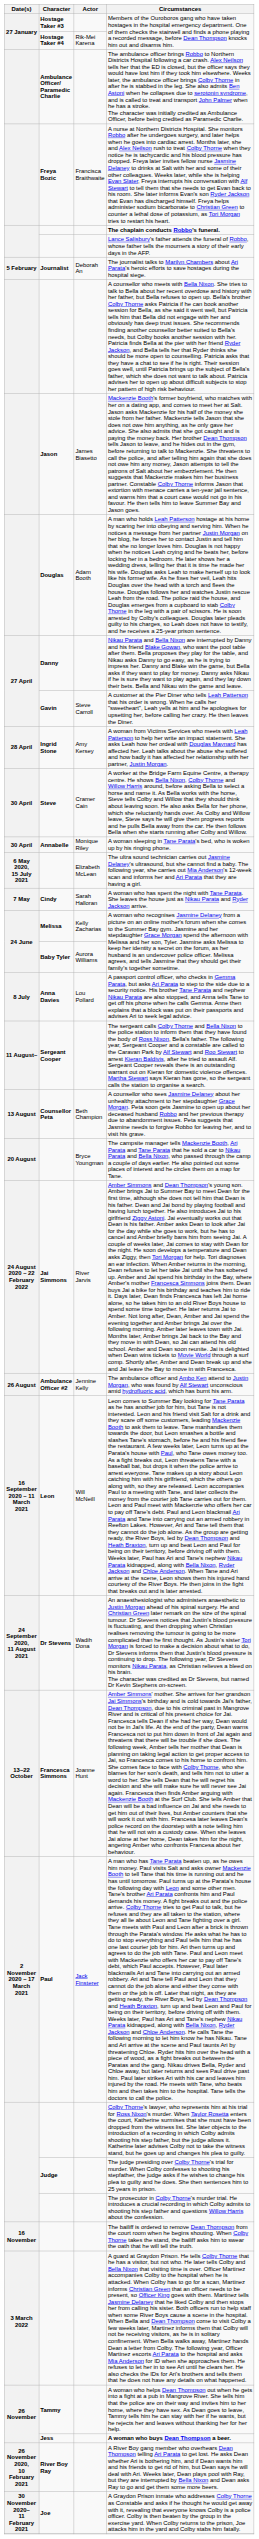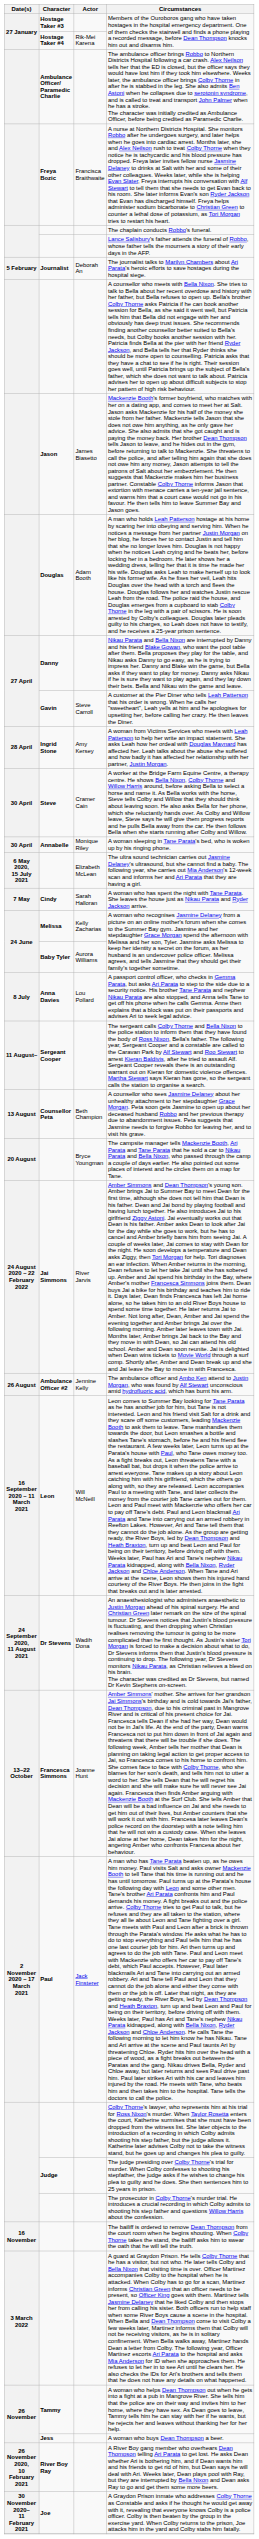 <table class="wikitable plainrowheaders" style="font-size:90%">
 <tr>
 <th scope="col">Date(s)</th>
 <th scope="col">Character</th>
 <th scope="col">Actor</th>
 <th scope="col">Circumstances</th>
 </tr>
 <tr>
 <th scope="row" rowspan="2">27 January</th>
 <td><strong>Hostage Taker #3</strong></td>
 <td></td>
 <td rowspan="2">Members of the Ouroboros gang who have taken hostages in the hospital emergency department. One of them checks the stairwell and finds a phone playing a recorded message, before <a href='#'>Dean Thompson</a> knocks him out and disarms him.</td>
 </tr>
 <tr>
 <td><strong>Hostage Taker #4</strong></td>
 <td>Rik-Mei Karena</td>
 </tr>
 <tr>
 <th scope="row"></th>
 <td><strong>Ambulance Officer/<br>Paramedic Charlie</strong></td>
 <td></td>
 <td>The ambulance officer brings <a href='#'>Robbo</a> to Northern Districts Hospital following a car crash. <a href='#'>Alex Neilson</a> tells her that the ED is closed, but the officer says they would have lost him if they took him elsewhere. Weeks later, the ambulance officer brings <a href='#'>Colby Thorne</a> in after he is stabbed in the leg. She also admits <a href='#'>Ben Astoni</a> when he collapses due to <a href='#'>serotonin syndrome</a>, and is called to treat and transport <a href='#'>John Palmer</a> when he has a stroke.<br>The character was initially credited as Ambulance Officer, before being credited as Paramedic Charlie.</td>
 </tr>
 <tr>
 <th scope="row"></th>
 <td><strong>Freya Bozic</strong></td>
 <td>Francisca Braithwaite</td>
 <td>A nurse at Northern Districts Hospital. She monitors <a href='#'>Robbo</a> after he undergoes surgery, and later helps when he goes into cardiac arrest. Months later, she and <a href='#'>Alex Neilson</a> rush to treat <a href='#'>Colby Thorne</a> when they notice he is tachycardic and his blood pressure has dropped. Freya later invites fellow nurse <a href='#'>Jasmine Delaney</a> to drinks at Salt with her and some of their other colleagues. Weeks later, while she is helping <a href='#'>Evan Slater</a>, Freya interrupts his conversation with <a href='#'>Alf Stewart</a> to tell them that she needs to get Evan back to his room. She later informs Evan's son <a href='#'>Ryder Jackson</a> that Evan has discharged himself. Freya helps  administer sodium bicarbonate to <a href='#'>Christian Green</a> to counter a lethal dose of potassium, as <a href='#'>Tori Morgan</a> tries to restart his heart.</td>
 </tr>
 <tr>
 <th scope="row" rowspan="2"></th>
 <td></td>
 <td></td>
-<td><strong>The chaplain conducts <a href='#'>Robbo</a>'s funeral.</strong></td>
+<td>The chaplain conducts <a href='#'>Robbo</a>'s funeral.</td>
 </tr>
 <tr>
 <td></td>
 <td></td>
 <td><a href='#'>Lance Salisbury</a>'s father attends the funeral of <a href='#'>Robbo</a>, whose father tells the mourners a story of their early days in the AFP.</td>
 </tr>
 <tr>
 <th scope="row">5 February</th>
 <td><strong>Journalist</strong></td>
 <td>Deborah An</td>
 <td>The journalist talks to <a href='#'>Marilyn Chambers</a> about <a href='#'>Ari Parata</a>'s heroic efforts to save hostages during the hospital siege.</td>
 </tr>
 <tr>
 <th scope="row"></th>
 <td></td>
 <td></td>
 <td>A counsellor who meets with <a href='#'>Bella Nixon</a>. She tries to talk to Bella about her recent overdose and history with her father, but Bella refuses to open up. Bella's brother <a href='#'>Colby Thorne</a> asks Patricia if he can book another session for Bella, as she said it went well, but Patricia tells him that Bella did not engage with her and obviously has deep trust issues. She recommends finding another counsellor better suited to Bella's needs, but Colby books another session with her. Patricia finds Bella at the pier with her friend <a href='#'>Ryder Jackson</a>, and Bella tells her that Ryder thinks she should be more open to counselling. Patricia asks that they have a chat to see if he is right. Their session goes well, until Patricia brings up the subject of Bella's father, which she does not want to talk about. Patricia advises her to open up about difficult subjects to stop her pattern of high risk behaviour.</td>
 </tr>
 <tr>
 <th scope="row"></th>
 <td><strong>Jason</strong></td>
 <td>James Biasetto</td>
 <td><a href='#'>Mackenzie Booth</a>'s former boyfriend, who matches with her on a dating app, and comes to meet her at Salt. Jason asks Mackenzie for his half of the money she stole from her father. Mackenzie tells Jason that she does not owe him anything, as he only gave her advice. She also admits that she got caught and is paying the money back. Her brother <a href='#'>Dean Thompson</a> tells Jason to leave, and he hides out in the gym, before returning to talk to Mackenzie. She threatens to call the police, and after telling him again that she does not owe him any money, Jason attempts to tell the patrons of Salt about her embezzlement. He then suggests that Mackenzie makes him her business partner. Constable <a href='#'>Colby Thorne</a> informs Jason that extortion with menace carries a ten-year jail sentence, and warns him that a court case would not go in his favour. He then tells him to leave Summer Bay and Jason goes.</td>
 </tr>
 <tr>
 <th scope="row"></th>
 <td><strong>Douglas</strong></td>
 <td>Adam Booth</td>
 <td>A man who holds <a href='#'>Leah Patterson</a> hostage at his home by scaring her into obeying and serving him. When he notices a message from her partner <a href='#'>Justin Morgan</a> on her blog, he forces her to contact Justin and tell him that she no longer loves him. Douglas is not happy when he notices Leah crying and he beats her, before locking her in a bedroom. He later shows her a wedding dress, telling her that it is time he made her his wife. Douglas asks Leah to make herself up to look like his former wife. As he fixes her veil, Leah hits Douglas over the head with a torch and flees the house. Douglas follows her and watches Justin rescue Leah from the road. The police raid the house, and Douglas emerges from a cupboard to stab <a href='#'>Colby Thorne</a> in the leg with a pair of scissors. He is soon arrested by Colby's colleagues. Douglas later pleads guilty to his charges, so Leah does not have to testify, and he receives a 25-year prison sentence.</td>
 </tr>
 <tr>
 <th scope="row" rowspan="2">27 April</th>
 <td><strong>Danny</strong></td>
 <td></td>
 <td><a href='#'>Nikau Parata</a> and <a href='#'>Bella Nixon</a> are interrupted by Danny and his friend <a href='#'>Blake Gowan</a>, who want the pool table after them. Bella proposes they play for the table, and Nikau asks Danny to go easy, as he is trying to impress her. Danny and Blake win the game, but Bella asks if they want to play for money. Danny asks Nikau if he is sure they want to play again, and they lay down their bets. Bella and Nikau win the game and leave.</td>
 </tr>
 <tr>
 <td><strong>Gavin</strong></td>
 <td>Steve Carroll</td>
 <td>A customer at the Pier Diner who tells <a href='#'>Leah Patterson</a> that his order is wrong. When he calls her "sweetheart", Leah yells at him and he apologises for upsetting her, before calling her crazy. He then leaves the Diner.</td>
 </tr>
 <tr>
 <th scope="row">28 April</th>
 <td><strong>Ingrid Stone</strong></td>
 <td>Amy Kersey</td>
 <td>A woman from Victims Services who meets with <a href='#'>Leah Patterson</a> to help her write an impact statement. She asks Leah how her ordeal with <a href='#'>Douglas Maynard</a> has affected her. Leah talks about the abuse she suffered and how badly it has affected her relationship with her partner, <a href='#'>Justin Morgan</a>.</td>
 </tr>
 <tr>
 <th scope="row">30 April</th>
 <td><strong>Steve</strong></td>
 <td>Cramer Cain</td>
 <td>A worker at the Bridge Farm Equine Centre, a therapy centre. He shows <a href='#'>Bella Nixon</a>, <a href='#'>Colby Thorne</a> and <a href='#'>Willow Harris</a> around, before asking Bella to select a horse and name it. As Bella works with the horse, Steve tells Colby and Willow that they should think about leaving soon. He also asks Bella for her phone, which she reluctantly hands over. As Colby and Willow leave, Steve says he will give them progress reports and he pulls Bella away from the car. He then follows Bella when she starts running after Colby and Willow.</td>
 </tr>
 <tr>
 <th scope="row">30 April</th>
 <td><strong>Annabelle</strong></td>
 <td>Monique Riley</td>
 <td>A woman sleeping in <a href='#'>Tane Parata</a>'s bed, who is woken up by his ringing phone.</td>
 </tr>
 <tr>
 <th scope="row">6 May 2020,<br>15 July 2021</th>
 <td></td>
 <td>Elizabeth McLean</td>
 <td>The ultra sound technician carries out <a href='#'>Jasmine Delaney</a>'s ultrasound, but she cannot find a baby. The following year, she carries out <a href='#'>Mia Anderson</a>'s 12-week scan and informs her and <a href='#'>Ari Parata</a> that they are having a girl.</td>
 </tr>
 <tr>
 <th scope="row">7 May</th>
 <td><strong>Cindy</strong></td>
 <td>Sarah Halloran</td>
 <td>A woman who has spent the night with <a href='#'>Tane Parata</a>. She leaves the house just as <a href='#'>Nikau Parata</a> and <a href='#'>Ryder Jackson</a> arrive.</td>
 </tr>
 <tr>
 <th scope="row" rowspan="2">24 June</th>
 <td><strong>Melissa</strong></td>
 <td>Kelly Zacharias</td>
 <td rowspan="2">A woman who recognises <a href='#'>Jasmine Delaney</a> from a picture on an online mother's forum when she comes to the Summer Bay gym. Jasmine and her stepdaughter <a href='#'>Grace Morgan</a> spend the afternoon with Melissa and her son, Tyler. Jasmine asks Melissa to keep her identity a secret on the forum, as her husband is an undercover police officer. Melissa agrees, and tells Jasmine that they should get their family's together sometime.</td>
 </tr>
 <tr>
 <td><strong>Baby Tyler</strong></td>
 <td>Aurora Williams</td>
 </tr>
 <tr>
 <th scope="row">8 July</th>
 <td><strong>Anna Davies</strong></td>
 <td>Lou Pollard</td>
 <td>A passport control officer, who checks in <a href='#'>Gemma Parata</a>, but asks <a href='#'>Ari Parata</a> to step to the side due to a security notice. His brother <a href='#'>Tane Parata</a> and nephew <a href='#'>Nikau Parata</a> are also stopped, and Anna tells Tane to get off his phone when he calls Gemma. Anne then explains that a block was put on their passports and advises Ari to seek legal advice.</td>
 </tr>
 <tr>
 <th scope="row">11 August–</th>
 <td><strong>Sergeant Cooper</strong></td>
 <td></td>
 <td>The sergeant calls <a href='#'>Colby Thorne</a> and <a href='#'>Bella Nixon</a> to the police station to inform them that they have found the body of <a href='#'>Ross Nixon</a>, Bella's father. The following year, Sergeant Cooper and a constable are called to the Caravan Park by <a href='#'>Alf Stewart</a> and <a href='#'>Roo Stewart</a> to arrest <a href='#'>Kieran Baldivis</a>, after he tried to assault Alf. Sergeant Cooper reveals there is an outstanding warrant out on Kieran for domestic violence offences. <a href='#'>Martha Stewart</a> says Kieran has gone, so the sergeant calls the station to organise a search.</td>
 </tr>
 <tr>
 <th scope="row">13 August</th>
 <td><strong>Counsellor Peta</strong></td>
 <td>Beth Champion</td>
 <td>A counsellor who sees <a href='#'>Jasmine Delaney</a> about her unhealthy attachment to her stepdaughter <a href='#'>Grace Morgan</a>. Peta soon gets Jasmine to open up about her deceased husband <a href='#'>Robbo</a> and her previous therapy due to abandonment issues. Peta suggests that Jasmine needs to forgive Robbo for leaving her, and to visit his grave.</td>
 </tr>
 <tr>
 <th scope="row">20 August</th>
 <td></td>
 <td>Bryce Youngman</td>
 <td>The campsite manager tells <a href='#'>Mackenzie Booth</a>, <a href='#'>Ari Parata</a> and <a href='#'>Tane Parata</a> that he sold a car to <a href='#'>Nikau Parata</a> and <a href='#'>Bella Nixon</a>, who passed through the camp a couple of days earlier. He also pointed out some places of interest and he circles them on a map for Tane.</td>
 </tr>
 <tr>
 <th scope="row">24 August 2020 – 22 February 2022</th>
 <td><strong>Jai Simmons</strong></td>
 <td>River Jarvis</td>
 <td><a href='#'>Amber Simmons</a> and <a href='#'>Dean Thompson</a>'s young son. Amber brings Jai to Summer Bay to meet Dean for the first time, although she does not tell him that Dean is his father. Dean and Jai bond by playing football and having lunch together. He also introduces Jai to his girlfriend <a href='#'>Ziggy Astoni</a>. Jai eventually works out that Dean is his father. Amber asks Dean to look after Jai for the day while she goes to work, but he has to cancel and Amber briefly bans him from seeing Jai. A couple of weeks later, Jai comes to stay with Dean for the night. He soon develops a temperature and Dean asks Ziggy, then <a href='#'>Tori Morgan</a> for help. Tori diagnoses an ear infection. When Amber returns in the morning, Dean refuses to let her take Jai until she has sobered up. Amber and Jai spend his birthday in the Bay, where Amber's mother <a href='#'>Francesca Simmons</a> joins them. Dean buys Jai a bike for his birthday and teaches him to ride it. Days later, Dean finds Francesca has left Jai home alone, so he takes him to an old River Boys house to spend some time together. He later returns Jai to Amber. Not long after, Dean, Amber and Jai spend the evening together and Amber brings Jai over the following morning. Amber later leaves town with Jai. Months later, Amber brings Jai back to the Bay and they move in with Dean, so Jai can attend his old school. Amber and Dean soon reunite. Jai is delighted when Dean wins tickets to <a href='#'>Movie World</a> through a surf comp. Shortly after, Amber and Dean break up and she and Jai leave the Bay to move in with Francesca.</td>
 </tr>
 <tr>
 <th scope="row">26 August</th>
 <td><strong>Ambulance Officer #2</strong></td>
 <td>Jennine Kelly</td>
 <td>The ambulance officer and <a href='#'>Ambo Ken</a> attend to <a href='#'>Justin Morgan</a>, who was found by <a href='#'>Alf Stewart</a> unconscious amid <a href='#'>hydrofluoric acid</a>, which has burnt his arm.</td>
 </tr>
 <tr>
 <th scope="row">16 September 2020 – 11 March 2021</th>
 <td><strong>Leon</strong></td>
 <td>Will McNeill</td>
 <td>Leon comes to Summer Bay looking for <a href='#'>Tane Parata</a> as he has another job for him, but Tane is not interested. Leon and his friend visit Salt for a drink and they scare off some customers, leading <a href='#'>Mackenzie Booth</a> to ask them to leave. Tane manhandles them towards the door, but Leon smashes a bottle and slashes Tane's stomach, before he and his friend flee the restaurant. A few weeks later, Leon turns up at the Parata's house with <a href='#'>Paul</a>, who Tane owes money too. As a fight breaks out, Leon threatens Tane with a baseball bat, but drops it when the police arrive to arrest everyone. Tane makes up a story about Leon catching him with his girlfriend, which the others go along with, so they are released. Leon accompanies Paul to a meeting with Tane, and later collects the money from the courier job Tane carries out for them. Leon and Paul meet with Mackenzie who offers her car to pay off Tane's debt. Paul and Leon blackmail <a href='#'>Ari Parata</a> and Tane into carrying out an armed robbery in Reefton Lakes. However, Ari and Tane tell them that they cannot do the job alone. As the group are getting ready, the River Boys, led by <a href='#'>Dean Thompson</a> and <a href='#'>Heath Braxton</a>, turn up and beat Leon and Paul for being on their territory, before driving off with them. Weeks later, Paul has Ari and Tane's nephew <a href='#'>Nikau Parata</a> kidnapped, along with <a href='#'>Bella Nixon</a>, <a href='#'>Ryder Jackson</a> and <a href='#'>Chloe Anderson</a>. When Tane and Ari arrive at the scene, Leon shows them his injured hand courtesy of the River Boys. He then joins in the fight that breaks out and is later arrested.</td>
 </tr>
 <tr>
 <th scope="row">24 September 2020,<br>11 August 2021</th>
 <td><strong>Dr Stevens</strong></td>
 <td>Wadih Dona</td>
 <td>An anaesthesiologist who administers anaesthetic to <a href='#'>Justin Morgan</a> ahead of his spinal surgery. He and <a href='#'>Christian Green</a> later remark on the size of the spinal tumour. Dr Stevens notices that Justin's blood pressure is fluctuating, and then dropping when Christian realises removing the tumour is going to be more complicated than he first thought. As Justin's sister <a href='#'>Tori Morgan</a> is forced to make a decision about what to do, Dr Stevens informs them that Justin's blood pressure is continuing to drop. The following year, Dr Stevens monitors <a href='#'>Nikau Parata</a>, as Christian relieves a bleed on his brain.<br>The character was credited as Dr Stevens, but named Dr Kevin Stephens on-screen.</td>
 </tr>
 <tr>
 <th scope="row">13–22 October</th>
 <td><strong>Francesca Simmons</strong></td>
 <td>Joanne Hunt</td>
 <td><a href='#'>Amber Simmons</a>' mother. She arrives for her grandson <a href='#'>Jai Simmons</a>'s birthday and is cold towards Jai's father, <a href='#'>Dean Thompson</a>, due to his criminal past in Mangrove River and is critical of his present choice for Jai. Francesca tells Dean if she had her way, Dean would not be in Jai's life. At the end of the party, Dean warns Francesca not to put him down in front of Jai again and threatens that there will be trouble if she does. The following week, Amber tells her mother that Dean is planning on taking legal action to get proper access to Jai, so Francesca comes to his home to confront him. She comes face to face with <a href='#'>Colby Thorne</a>, who she blames for her son's death, and tells him not to utter a word to her. She tells Dean that he will regret his decision and she will make sure he will never see Jai again. Francesca then finds Amber arguing with <a href='#'>Mackenzie Booth</a> at the Surf Club. She tells Amber that Dean will be a bad influence on Jai and she needs to get him out of their lives, but Amber counters that she will work it out with him. Francesa later leaves Dean's police record on the doorstep with a note telling him that he will not win a custody case. When she leaves Jai alone at her home, Dean takes him for the night, angering Amber who confronts Francesa about her behaviour.</td>
 </tr>
 <tr>
 <th scope="row">2 November 2020 – 17 March 2021</th>
 <td><strong>Paul</strong></td>
 <td><a href='#'>Jack Finsterer</a></td>
 <td>A man who has <a href='#'>Tane Parata</a> beaten up, as he owes him money. Paul visits Salt and asks owner <a href='#'>Mackenzie Booth</a> to tell Tane that his time is running out and he has until tomorrow. Paul turns up at the Parata's house the following day with <a href='#'>Leon</a> and some other men. Tane's brother <a href='#'>Ari Parata</a> confronts him and Paul demands his money. A fight breaks out and the police arrive. <a href='#'>Colby Thorne</a> tries to get Paul to talk, but he refuses and they are all taken to the station, where they all lie about Leon and Tane fighting over a girl. Tane meets with Paul and Leon after a brick is thrown through the Parata's window. He asks what he has to do to stop everything and Paul tells him that he has one last courier job for him. Ari then turns up and agrees to do the job with Tane. Paul and Leon meet with Mackenzie who offers her car to pay off Tane's debt, which Paul accepts. However, Paul later blackmails Ari and Tane into carrying out an armed robbery. Ari and Tane tell Paul and Leon that they cannot do the job alone and either they come with them or the job is off. Later that night, as they are getting ready, the River Boys, led by <a href='#'>Dean Thompson</a> and <a href='#'>Heath Braxton</a>, turn up and beat Leon and Paul for being on their territory, before driving off with them. Weeks later, Paul has Ari and Tane's nephew <a href='#'>Nikau Parata</a> kidnapped, along with <a href='#'>Bella Nixon</a>, <a href='#'>Ryder Jackson</a> and <a href='#'>Chloe Anderson</a>. He calls Tane the following morning to let him know he has Nikau. Tane and Ari arrive at the scene and Paul taunts Ari by threatening Chloe. Ryder hits him over the head with a piece of wood, as a fight breaks out between the Paratas and the gang. Nikau drives Bella, Ryder and Chloe away, but later returns and sees Paul drive past him. Paul later strikes Ari with his car and leaves him injured by the road. He meets with Tane, who beats him and then takes him to the hospital. Tane tells the doctors to call the police.</td>
 </tr>
 <tr>
 <th scope="row" rowspan="3"></th>
 <td></td>
 <td></td>
 <td><a href='#'>Colby Thorne</a>'s lawyer, who represents him at his trial for <a href='#'>Ross Nixon</a>'s murder. When <a href='#'>Taylor Rosetta</a> enters the court, Katherine surmises that she must have been dropped from the witness list. She later objects to the introduction of a recording in which Colby admits shooting his step father, but the judge allows it. Katherine later advises Colby not to take the witness stand, but he goes up and changes his plea to guilty.</td>
 </tr>
 <tr>
 <td><strong>Judge</strong></td>
 <td></td>
 <td>The judge presiding over <a href='#'>Colby Thorne</a>'s trial for murder. When Colby confesses to shooting his stepfather, the judge asks if he wishes to change his plea to guilty and he does. She then sentences him to 25 years in prison.</td>
 </tr>
 <tr>
 <td></td>
 <td></td>
 <td>The prosecutor in <a href='#'>Colby Thorne</a>'s murder trial. He introduces a crucial recording in which Colby admits to shooting his step father and questions <a href='#'>Willow Harris</a> about the confession.</td>
 </tr>
 <tr>
 <th scope="row">16 November</th>
 <td></td>
 <td></td>
 <td>The bailiff is ordered to remove <a href='#'>Dean Thompson</a> from the court room when he begins shouting. When <a href='#'>Colby Thorne</a> takes the stand, the bailiff asks him to swear the oath that he will tell the truth.</td>
 </tr>
 <tr>
 <th scope="row"><br>3 March 2022</th>
 <td></td>
 <td></td>
 <td>A guard at Graydon Prison. He tells <a href='#'>Colby Thorne</a> that he has a visitor, but not who. He later tells Colby and <a href='#'>Bella Nixon</a> that visiting time is over. Officer Martinez accompanies Colby to the hospital when he is attacked. When Colby has to go for a scan, Martinez informs <a href='#'>Christian Green</a> that an officer needs to be present, so <a href='#'>Officer King</a> goes with them. Martinez tells <a href='#'>Jasmine Delaney</a> that he liked Colby and then stops her from calling his sister. Both officers run to help staff when some River Boys cause a scene in the hospital. When Bella and <a href='#'>Dean Thompson</a> come to visit Colby a few weeks later, Martinez informs them that Colby will not be receiving visitors, as he is in solitary confinement. When Bella walks away, Martinez hands Dean a letter from Colby. The following year, Officer Martinez escorts <a href='#'>Ari Parata</a> to the hospital and asks <a href='#'>Mia Anderson</a> for ID when she approaches them. He refuses to let her in to see Ari until he clears her. He also checks the IDs for Ari's brothers and tells them that he does not have any details on what happened.</td>
 </tr>
 <tr>
 <th scope="row" rowspan="2">26 November</th>
 <td><strong>Tammy</strong></td>
 <td></td>
 <td>A woman who helps <a href='#'>Dean Thompson</a> out when he gets into a fight at a pub in Mangrove River. She tells him that the police are on their way and invites him to her home, where they have sex. As Dean goes to leave, Tammy tells him he can stay with her if he wants, but he rejects her and leaves without thanking her for her help.</td>
 </tr>
 <tr>
 <td><strong>Jess</strong></td>
 <td></td>
-<td><strong>A woman who buys <a href='#'>Dean Thompson</a> a beer.</strong></td>
+<td>A woman who buys <a href='#'>Dean Thompson</a> a beer.</td>
 </tr>
 <tr>
 <th scope="row">26 November 2020,<br> 10 February 2021</th>
 <td {{nowrap><strong>River Boy Ray</strong></td>
 <td></td>
 <td>A River Boy gang member who overhears <a href='#'>Dean Thompson</a> telling <a href='#'>Ari Parata</a> to get lost. He asks Dean whether Ari is bothering him, and if Dean wants him and his friends to get rid of him, but Dean says he will deal with Ari. Weeks later, Dean plays pool with Ray, but they are interrupted by <a href='#'>Bella Nixon</a> and Dean asks Ray to go and get them some more beers.</td>
 </tr>
 <tr>
 <th scope="row">30 November 2020–<br>11 February 2021</th>
 <td><strong>Joe</strong></td>
 <td></td>
 <td>A Graydon Prison inmate who addresses <a href='#'>Colby Thorne</a> as Constable and asks if he thought he would get away with it, revealing that everyone knows Colby is a police officer. Colby is then beaten by the group in the exercise yard. When Colby returns to the prison, Joe attacks him in the yard and Colby stabs him fatally.</td>
 </tr>
 <tr>
 </tr>
 </table>
